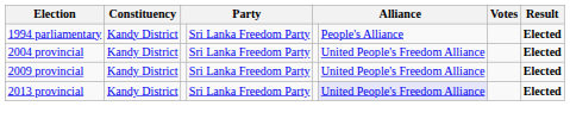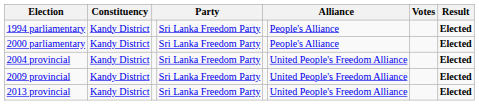 <table class="wikitable" style="text-align:left;">
 <tr>
 <th scope=col>Election</th>
 <th scope=col>Constituency</th>
 <th scope=col colspan="2">Party</th>
 <th scope=col colspan="2">Alliance</th>
 <th scope=col>Votes</th>
 <th scope=col>Result</th>
 </tr>
 <tr>
 <td><a href='#'>1994 parliamentary</a></td>
+<td><a href='#'>Kandy District</a></td>
+<td style="background:"></td>
+<td><a href='#'>Sri Lanka Freedom Party</a></td>
+<td style="background:"></td>
+<td><a href='#'>People's Alliance</a></td>
+<td align=right></td>
+<td><strong>Elected</strong></td>
+</tr>
+<tr>
+<td><a href='#'>2000 parliamentary</a></td>
 <td><a href='#'>Kandy District</a></td>
 <td style="background:"></td>
 <td><a href='#'>Sri Lanka Freedom Party</a></td>
 <td style="background:"></td>
 <td><a href='#'>People's Alliance</a></td>
 <td align=right></td>
 <td><strong>Elected</strong></td>
 </tr>
 <tr>
 <td><a href='#'>2004 provincial</a></td>
 <td><a href='#'>Kandy District</a></td>
 <td style="background:"></td>
 <td><a href='#'>Sri Lanka Freedom Party</a></td>
 <td style="background:"></td>
 <td><a href='#'>United People's Freedom Alliance</a></td>
 <td align=right></td>
 <td><strong>Elected</strong></td>
 </tr>
 <tr>
 <td><a href='#'>2009 provincial</a></td>
 <td><a href='#'>Kandy District</a></td>
 <td style="background:"></td>
 <td><a href='#'>Sri Lanka Freedom Party</a></td>
 <td style="background:"></td>
 <td><a href='#'>United People's Freedom Alliance</a></td>
 <td align=right></td>
 <td><strong>Elected</strong></td>
 </tr>
 <tr>
 <td><a href='#'>2013 provincial</a></td>
 <td><a href='#'>Kandy District</a></td>
 <td style="background:"></td>
 <td><a href='#'>Sri Lanka Freedom Party</a></td>
 <td style="background:"></td>
-<td style="background: lavender;"><a href='#'>United People's Freedom Alliance</a></td>
+<td><a href='#'>United People's Freedom Alliance</a></td>
 <td align=right></td>
 <td><strong>Elected</strong></td>
 </tr>
 </table>
